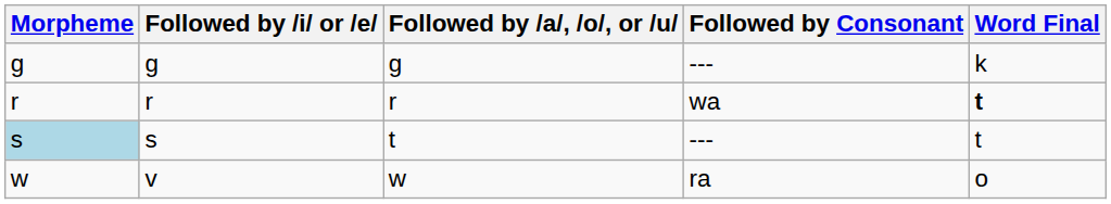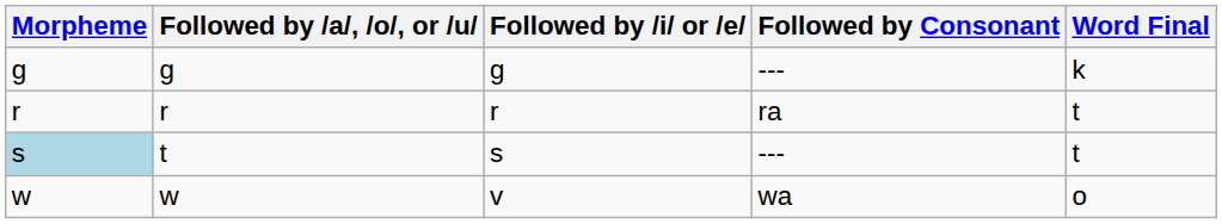 <table class="wikitable">
 <tr>
 <th><a href='#'>Morpheme</a></th>
+<th>Followed by /a/, /o/, or /u/</th>
 <th>Followed by /i/ or /e/</th>
-<th>Followed by /a/, /o/, or /u/</th>
 <th>Followed by <a href='#'>Consonant</a></th>
 <th><a href='#'>Word Final</a></th>
 </tr>
 <tr>
 <td>g</td>
 <td>g</td>
 <td>g</td>
 <td>---</td>
 <td>k</td>
 </tr>
 <tr>
 <td>r</td>
 <td>r</td>
 <td>r</td>
-<td>wa</td>
-<td><strong>t</strong></td>
+<td>ra</td>
+<td>t</td>
 </tr>
 <tr>
 <td style="background: lightblue;">s</td>
+<td>t</td>
 <td>s</td>
-<td>t</td>
 <td>---</td>
 <td>t</td>
 </tr>
 <tr>
 <td>w</td>
+<td>w</td>
 <td>v</td>
-<td>w</td>
-<td>ra</td>
+<td>wa</td>
 <td>o</td>
 </tr>
 </table>
